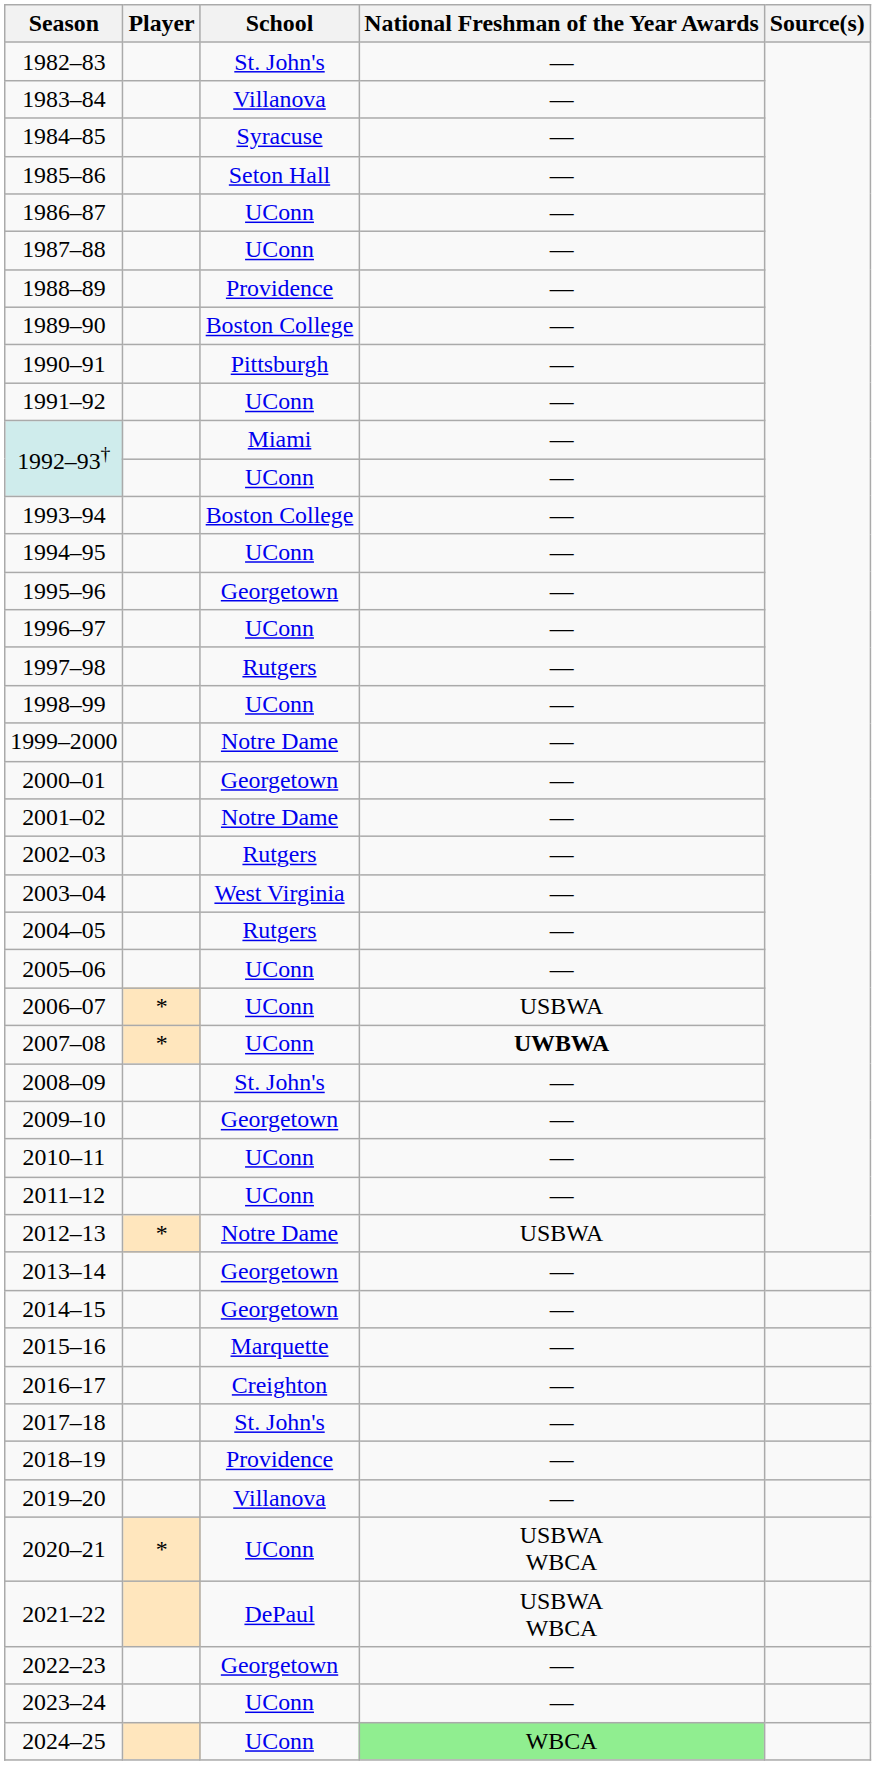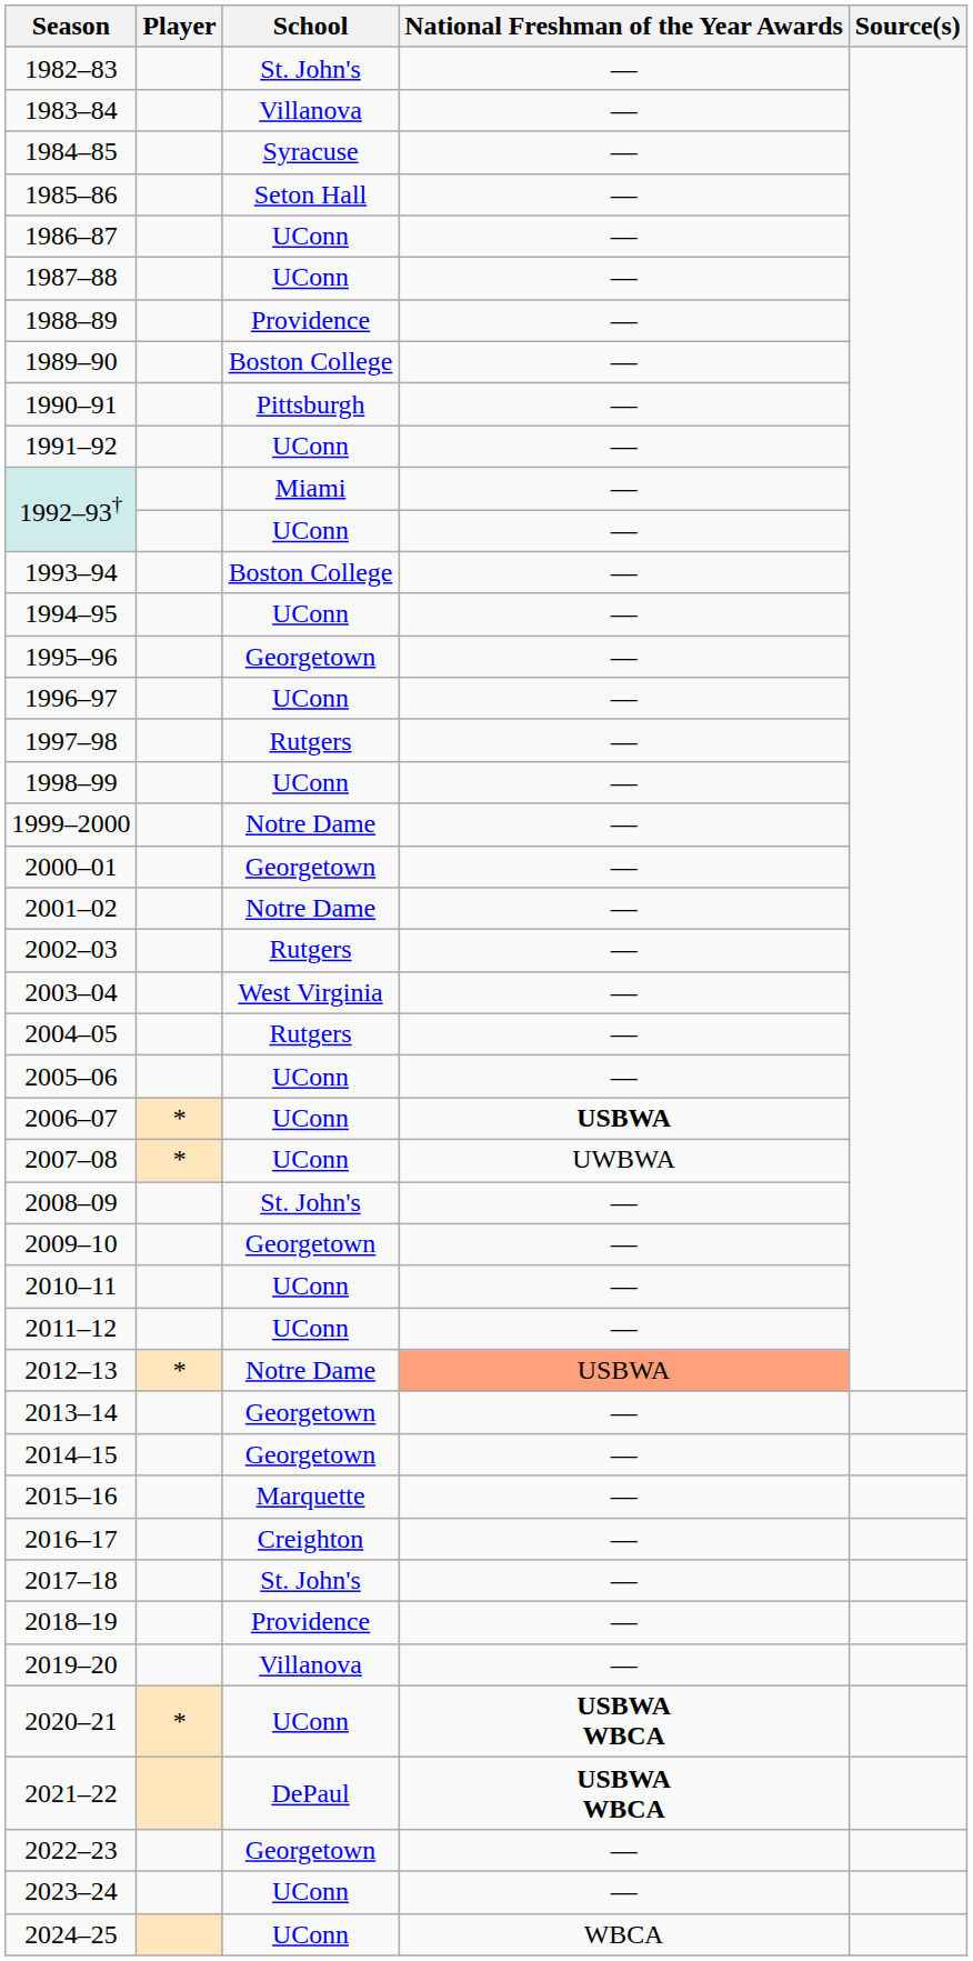 <table class="wikitable sortable" style="text-align:center;">
 <tr>
 <th>Season</th>
 <th>Player</th>
 <th>School</th>
 <th class=unsortable>National Freshman of the Year Awards</th>
 <th class=unsortable>Source(s)</th>
 </tr>
 <tr>
 <td>1982–83</td>
 <td></td>
 <td><a href='#'>St. John's</a></td>
 <td>—</td>
 <td rowspan="32"></td>
 </tr>
 <tr>
 <td>1983–84</td>
 <td></td>
 <td><a href='#'>Villanova</a></td>
 <td>—</td>
 </tr>
 <tr>
 <td>1984–85</td>
 <td></td>
 <td><a href='#'>Syracuse</a></td>
 <td>—</td>
 </tr>
 <tr>
 <td>1985–86</td>
 <td></td>
 <td><a href='#'>Seton Hall</a></td>
 <td>—</td>
 </tr>
 <tr>
 <td>1986–87</td>
 <td></td>
 <td><a href='#'>UConn</a></td>
 <td>—</td>
 </tr>
 <tr>
 <td>1987–88</td>
 <td></td>
 <td><a href='#'>UConn</a></td>
 <td>—</td>
 </tr>
 <tr>
 <td>1988–89</td>
 <td></td>
 <td><a href='#'>Providence</a></td>
 <td>—</td>
 </tr>
 <tr>
 <td>1989–90</td>
 <td></td>
 <td><a href='#'>Boston College</a></td>
 <td>—</td>
 </tr>
 <tr>
 <td>1990–91</td>
 <td></td>
 <td><a href='#'>Pittsburgh</a></td>
 <td>—</td>
 </tr>
 <tr>
 <td>1991–92</td>
 <td></td>
 <td><a href='#'>UConn</a></td>
 <td>—</td>
 </tr>
 <tr>
 <td bgcolor=#cfecec rowspan=2>1992–93<sup>†</sup></td>
 <td></td>
 <td><a href='#'>Miami</a></td>
 <td>—</td>
 </tr>
 <tr>
 <td></td>
 <td><a href='#'>UConn</a></td>
 <td>—</td>
 </tr>
 <tr>
 <td>1993–94</td>
 <td></td>
 <td><a href='#'>Boston College</a></td>
 <td>—</td>
 </tr>
 <tr>
 <td>1994–95</td>
 <td></td>
 <td><a href='#'>UConn</a></td>
 <td>—</td>
 </tr>
 <tr>
 <td>1995–96</td>
 <td></td>
 <td><a href='#'>Georgetown</a></td>
 <td>—</td>
 </tr>
 <tr>
 <td>1996–97</td>
 <td></td>
 <td><a href='#'>UConn</a></td>
 <td>—</td>
 </tr>
 <tr>
 <td>1997–98</td>
 <td></td>
 <td><a href='#'>Rutgers</a></td>
 <td>—</td>
 </tr>
 <tr>
 <td>1998–99</td>
 <td></td>
 <td><a href='#'>UConn</a></td>
 <td>—</td>
 </tr>
 <tr>
 <td>1999–2000</td>
 <td></td>
 <td><a href='#'>Notre Dame</a></td>
 <td>—</td>
 </tr>
 <tr>
 <td>2000–01</td>
 <td></td>
 <td><a href='#'>Georgetown</a></td>
 <td>—</td>
 </tr>
 <tr>
 <td>2001–02</td>
 <td></td>
 <td><a href='#'>Notre Dame</a></td>
 <td>—</td>
 </tr>
 <tr>
 <td>2002–03</td>
 <td></td>
 <td><a href='#'>Rutgers</a></td>
 <td>—</td>
 </tr>
 <tr>
 <td>2003–04</td>
 <td></td>
 <td><a href='#'>West Virginia</a></td>
 <td>—</td>
 </tr>
 <tr>
 <td>2004–05</td>
 <td></td>
 <td><a href='#'>Rutgers</a></td>
 <td>—</td>
 </tr>
 <tr>
 <td>2005–06</td>
 <td></td>
 <td><a href='#'>UConn</a></td>
 <td>—</td>
 </tr>
 <tr>
 <td>2006–07</td>
 <td style="background:#ffe6bd;">*</td>
 <td><a href='#'>UConn</a></td>
-<td>USBWA</td>
+<td><strong>USBWA</strong></td>
 </tr>
 <tr>
 <td>2007–08</td>
 <td style="background:#ffe6bd;">*</td>
 <td><a href='#'>UConn</a></td>
-<td><strong>UWBWA</strong></td>
+<td>UWBWA</td>
 </tr>
 <tr>
 <td>2008–09</td>
 <td></td>
 <td><a href='#'>St. John's</a></td>
 <td>—</td>
 </tr>
 <tr>
 <td>2009–10</td>
 <td></td>
 <td><a href='#'>Georgetown</a></td>
 <td>—</td>
 </tr>
 <tr>
 <td>2010–11</td>
 <td></td>
 <td><a href='#'>UConn</a></td>
 <td>—</td>
 </tr>
 <tr>
 <td>2011–12</td>
 <td></td>
 <td><a href='#'>UConn</a></td>
 <td>—</td>
 </tr>
 <tr>
 <td>2012–13</td>
 <td style="background:#ffe6bd;">*</td>
 <td><a href='#'>Notre Dame</a></td>
-<td>USBWA</td>
+<td style="background: lightsalmon;">USBWA</td>
 </tr>
 <tr>
 <td>2013–14</td>
 <td></td>
 <td><a href='#'>Georgetown</a></td>
 <td>—</td>
 <td></td>
 </tr>
 <tr>
 <td>2014–15</td>
 <td></td>
 <td><a href='#'>Georgetown</a></td>
 <td>—</td>
 <td></td>
 </tr>
 <tr>
 <td>2015–16</td>
 <td></td>
 <td><a href='#'>Marquette</a></td>
 <td>—</td>
 <td></td>
 </tr>
 <tr>
 <td>2016–17</td>
 <td></td>
 <td><a href='#'>Creighton</a></td>
 <td>—</td>
 <td></td>
 </tr>
 <tr>
 <td>2017–18</td>
 <td></td>
 <td><a href='#'>St. John's</a></td>
 <td>—</td>
 <td></td>
 </tr>
 <tr>
 <td>2018–19</td>
 <td></td>
 <td><a href='#'>Providence</a></td>
 <td>—</td>
 <td></td>
 </tr>
 <tr>
 <td>2019–20</td>
 <td></td>
 <td><a href='#'>Villanova</a></td>
 <td>—</td>
 <td></td>
 </tr>
 <tr>
 <td>2020–21</td>
 <td style="background:#ffe6bd;">*</td>
 <td><a href='#'>UConn</a></td>
-<td>USBWA<br>WBCA</td>
+<td><strong>USBWA<br>WBCA</strong></td>
 <td></td>
 </tr>
 <tr>
 <td>2021–22</td>
 <td style="background:#ffe6bd;"></td>
 <td><a href='#'>DePaul</a></td>
-<td>USBWA<br>WBCA</td>
+<td><strong>USBWA<br>WBCA</strong></td>
 <td></td>
 </tr>
 <tr>
 <td>2022–23</td>
 <td></td>
 <td><a href='#'>Georgetown</a></td>
 <td>—</td>
 <td></td>
 </tr>
 <tr>
 <td>2023–24</td>
 <td></td>
 <td><a href='#'>UConn</a></td>
 <td>—</td>
 <td></td>
 </tr>
 <tr>
 <td>2024–25</td>
 <td style="background:#ffe6bd;"></td>
 <td><a href='#'>UConn</a></td>
-<td style="background: lightgreen;">WBCA</td>
+<td>WBCA</td>
 <td></td>
 </tr>
 </table>
